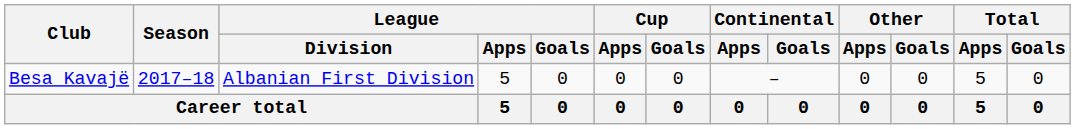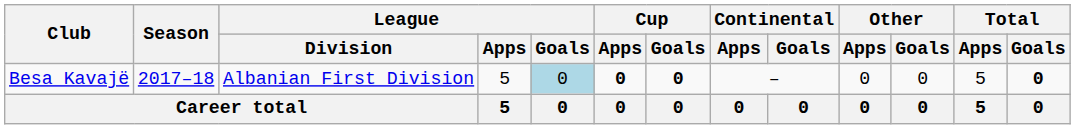 <table class="wikitable" style="text-align: center">
 <tr>
 <th rowspan="2">Club</th>
 <th rowspan="2">Season</th>
 <th colspan="3">League</th>
 <th colspan="2">Cup</th>
 <th colspan="2">Continental</th>
 <th colspan="2">Other</th>
 <th colspan="2">Total</th>
 </tr>
 <tr>
 <th>Division</th>
 <th>Apps</th>
 <th>Goals</th>
 <th>Apps</th>
 <th>Goals</th>
 <th>Apps</th>
 <th>Goals</th>
 <th>Apps</th>
 <th>Goals</th>
 <th>Apps</th>
 <th>Goals</th>
 </tr>
 <tr>
 <td><a href='#'>Besa Kavajë</a></td>
 <td><a href='#'>2017–18</a></td>
 <td><a href='#'>Albanian First Division</a></td>
 <td>5</td>
-<td>0</td>
-<td>0</td>
-<td>0</td>
+<td style="background: lightblue;">0</td>
+<td><strong>0</strong></td>
+<td><strong>0</strong></td>
 <td colspan="2">–</td>
 <td>0</td>
 <td>0</td>
 <td>5</td>
-<td>0</td>
+<td><strong>0</strong></td>
 </tr>
 <tr>
 <th colspan="3"><strong>Career total</strong></th>
 <th>5</th>
 <th>0</th>
 <th>0</th>
 <th>0</th>
 <th>0</th>
 <th>0</th>
 <th>0</th>
 <th>0</th>
 <th>5</th>
 <th>0</th>
 </tr>
 </table>
